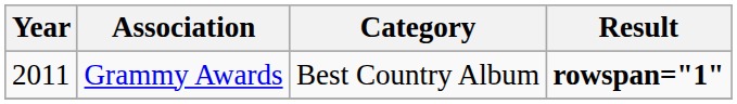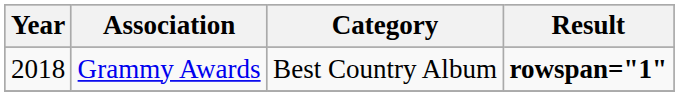 <table class="wikitable plainrowheaders">
 <tr>
 <th>Year</th>
 <th>Association</th>
 <th>Category</th>
 <th>Result</th>
 </tr>
 <tr>
-<td rowspan="1">2011</td>
+<td rowspan="1">2018</td>
 <td rowspan="1"><a href='#'>Grammy Awards</a></td>
 <td>Best Country Album</td>
 <td><strong>rowspan="1" </strong></td>
 </tr>
 <tr>
 </tr>
 </table>
